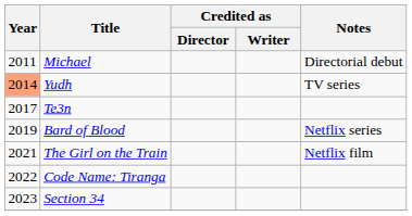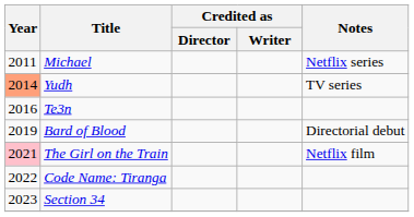 <table class="wikitable">
 <tr>
 <th rowspan="2">Year</th>
 <th rowspan="2">Title</th>
 <th colspan="2">Credited as</th>
 <th rowspan="2'">Notes</th>
 </tr>
 <tr>
 <th width=65>Director</th>
 <th width=65>Writer</th>
 </tr>
 <tr>
 <td>2011</td>
 <td><em><a href='#'>Michael</a></em></td>
 <td></td>
 <td></td>
-<td>Directorial debut</td>
+<td><a href='#'>Netflix</a> series</td>
 </tr>
 <tr>
 <td style="background: lightsalmon;">2014</td>
 <td><em><a href='#'>Yudh</a></em></td>
 <td></td>
 <td></td>
 <td>TV series</td>
 </tr>
 <tr>
-<td>2017</td>
+<td>2016</td>
 <td><em><a href='#'>Te3n</a></em></td>
 <td></td>
 <td></td>
 <td></td>
 </tr>
 <tr>
 <td>2019</td>
 <td><em><a href='#'>Bard of Blood</a></em></td>
 <td></td>
 <td></td>
-<td><a href='#'>Netflix</a> series</td>
+<td>Directorial debut</td>
 </tr>
 <tr>
-<td>2021</td>
+<td style="background: pink;">2021</td>
 <td><em><a href='#'>The Girl on the Train</a></em></td>
 <td></td>
 <td></td>
 <td><a href='#'>Netflix</a> film</td>
 </tr>
 <tr>
 <td>2022</td>
 <td><em><a href='#'>Code Name: Tiranga</a></em></td>
 <td></td>
 <td></td>
 <td></td>
 </tr>
 <tr>
 <td>2023</td>
 <td><em><a href='#'>Section 34</a></em></td>
 <td></td>
 <td></td>
 <td></td>
 </tr>
 <tr>
 </tr>
 </table>
